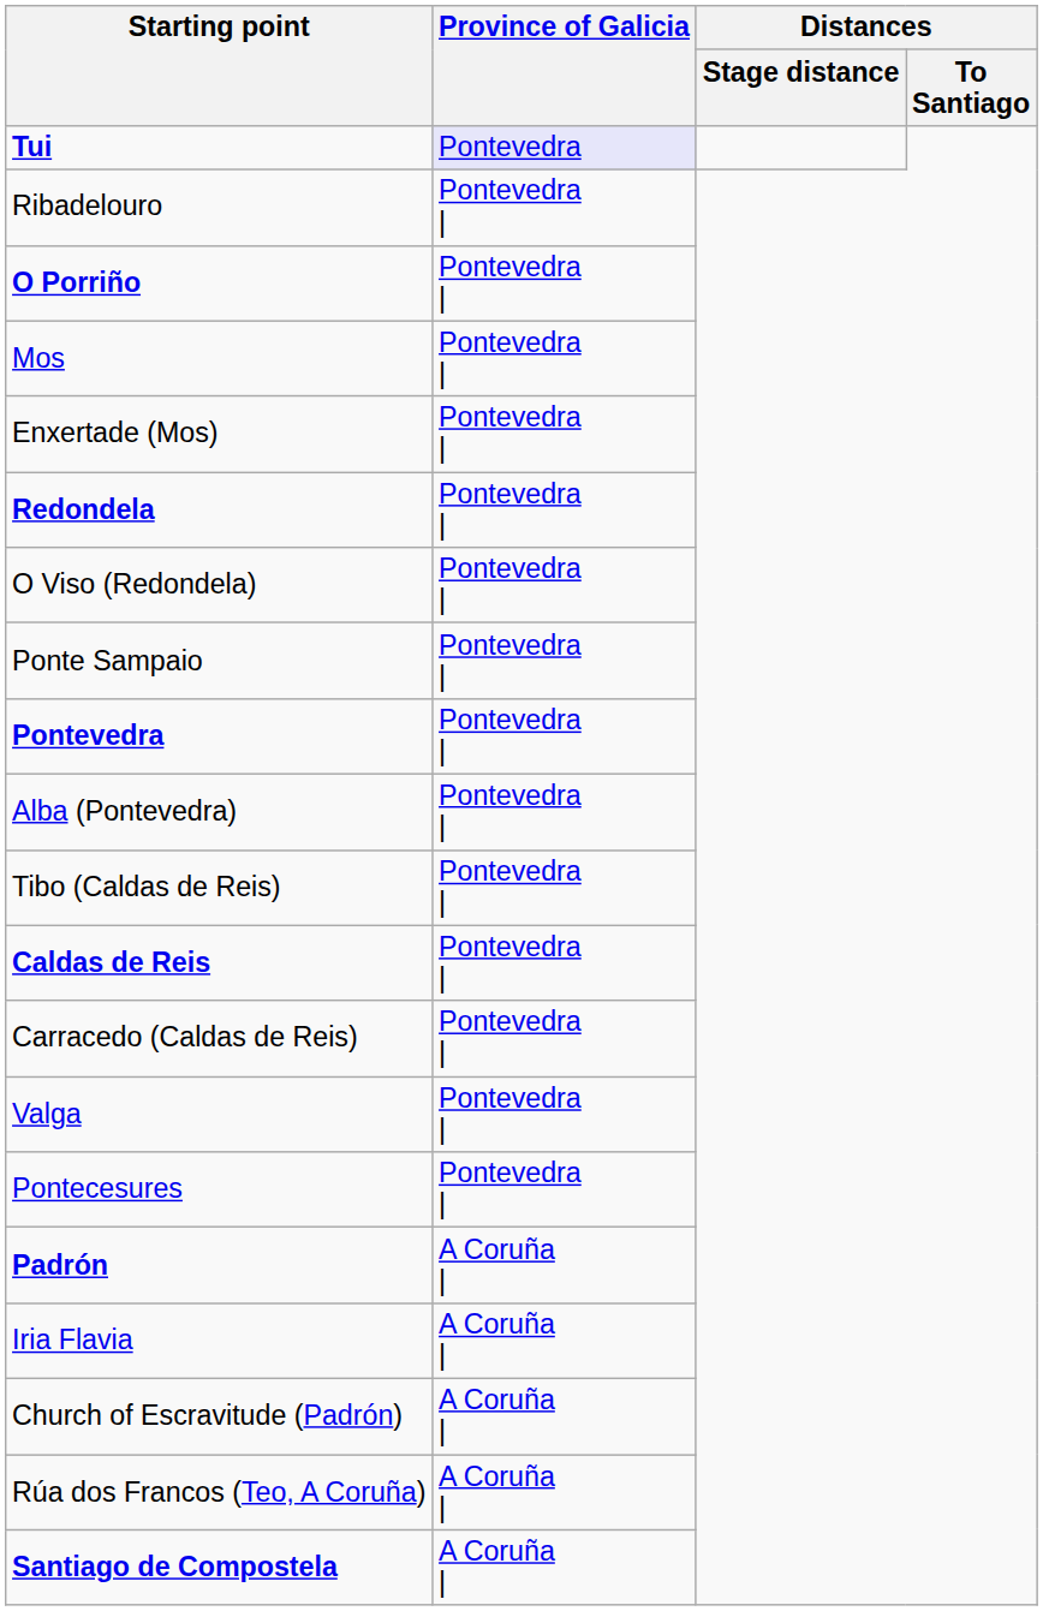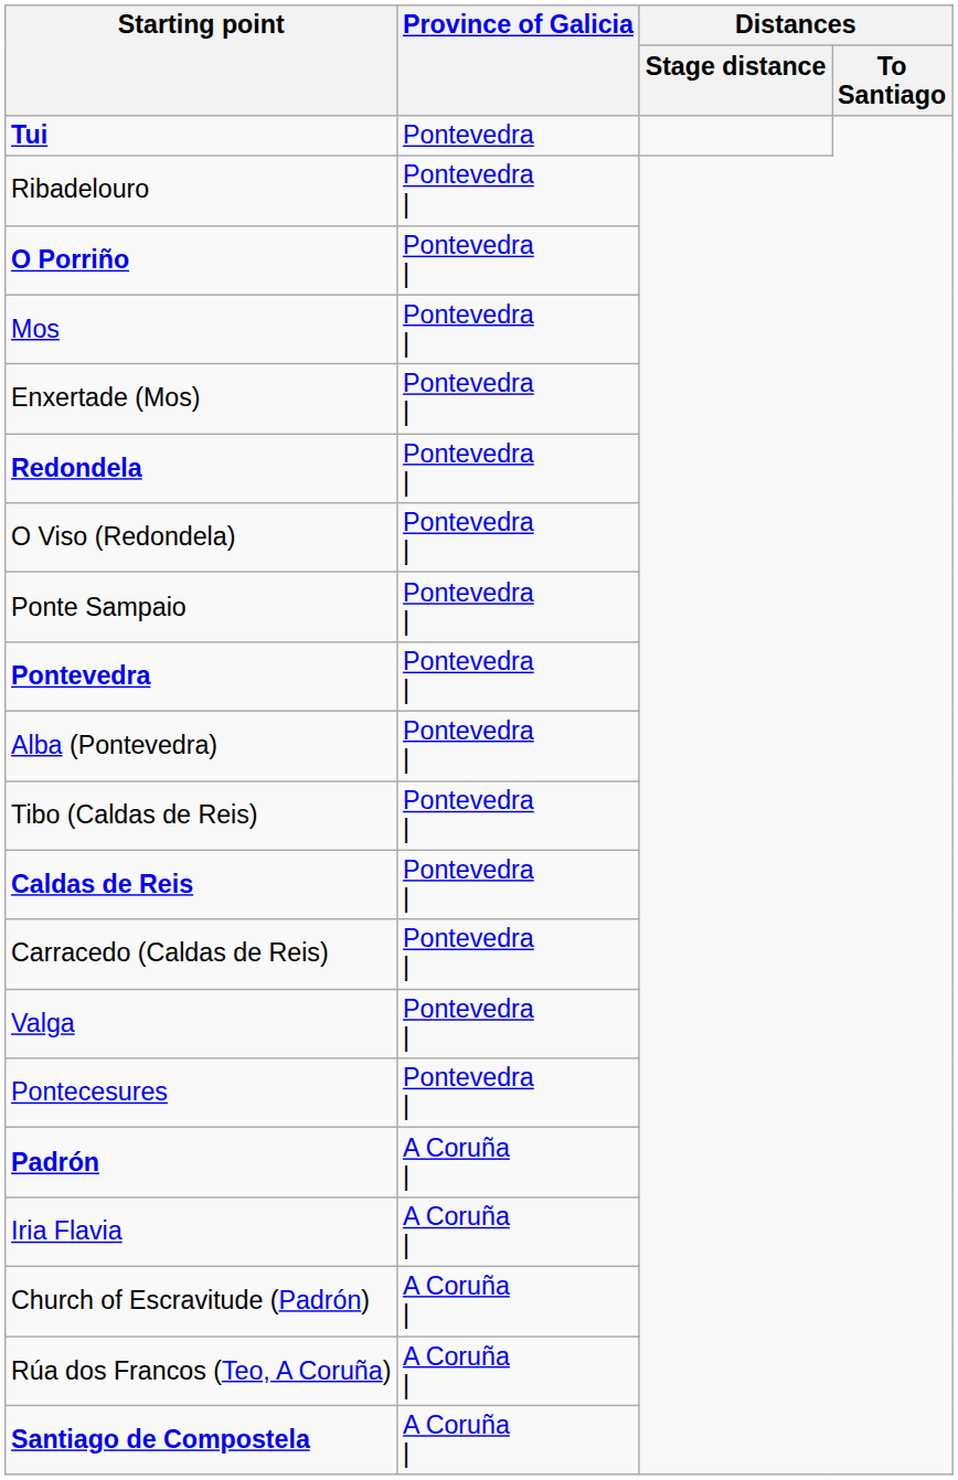 <table class="wikitable">
 <tr valign=top>
 <th rowspan=2>Starting point</th>
 <th rowspan=2><a href='#'>Province of Galicia</a></th>
 <th colspan=2>Distances </th>
 </tr>
 <tr valign=top>
 <th>Stage distance</th>
 <th>To<br>Santiago</th>
 </tr>
 <tr>
 <td><strong><a href='#'>Tui</a></strong></td>
-<td style="background: lavender;"><a href='#'>Pontevedra</a> </td>
+<td><a href='#'>Pontevedra</a> </td>
 <td></td>
 </tr>
 <tr>
 <td>Ribadelouro</td>
 <td><a href='#'>Pontevedra</a><br> |</td>
 </tr>
 <tr>
 <td><strong><a href='#'>O Porriño</a></strong></td>
 <td><a href='#'>Pontevedra</a><br> |</td>
 </tr>
 <tr>
 <td><a href='#'>Mos</a></td>
 <td><a href='#'>Pontevedra</a><br> |</td>
 </tr>
 <tr>
 <td>Enxertade (Mos)</td>
 <td><a href='#'>Pontevedra</a><br> |</td>
 </tr>
 <tr>
 <td><strong><a href='#'>Redondela</a></strong></td>
 <td><a href='#'>Pontevedra</a><br> |</td>
 </tr>
 <tr>
 <td>O Viso  (Redondela)</td>
 <td><a href='#'>Pontevedra</a><br> |</td>
 </tr>
 <tr>
 <td>Ponte Sampaio</td>
 <td><a href='#'>Pontevedra</a><br> |</td>
 </tr>
 <tr>
 <td><strong><a href='#'>Pontevedra</a></strong></td>
 <td><a href='#'>Pontevedra</a><br> |</td>
 </tr>
 <tr>
 <td><a href='#'>Alba</a> (Pontevedra)</td>
 <td><a href='#'>Pontevedra</a><br> |</td>
 </tr>
 <tr>
 <td>Tibo (Caldas de Reis)</td>
 <td><a href='#'>Pontevedra</a><br> |</td>
 </tr>
 <tr>
 <td><strong><a href='#'>Caldas de Reis</a></strong></td>
 <td><a href='#'>Pontevedra</a><br> |</td>
 </tr>
 <tr>
 <td>Carracedo (Caldas de Reis)</td>
 <td><a href='#'>Pontevedra</a><br> |</td>
 </tr>
 <tr>
 <td><a href='#'>Valga</a></td>
 <td><a href='#'>Pontevedra</a><br> |</td>
 </tr>
 <tr>
 <td><a href='#'>Pontecesures</a></td>
 <td><a href='#'>Pontevedra</a><br> |</td>
 </tr>
 <tr>
 <td><strong><a href='#'>Padrón</a></strong></td>
 <td><a href='#'>A Coruña</a><br> |</td>
 </tr>
 <tr>
 <td><a href='#'>Iria Flavia</a></td>
 <td><a href='#'>A Coruña</a><br> |</td>
 </tr>
 <tr>
 <td nowrap>Church of Escravitude (<a href='#'>Padrón</a>) </td>
 <td><a href='#'>A Coruña</a><br> |</td>
 </tr>
 <tr>
 <td>Rúa dos Francos (<a href='#'>Teo, A Coruña</a>)</td>
 <td><a href='#'>A Coruña</a><br> |</td>
 </tr>
 <tr>
 <td><strong><a href='#'>Santiago de Compostela</a></strong></td>
 <td><a href='#'>A Coruña</a><br> |</td>
 </tr>
 </table>
